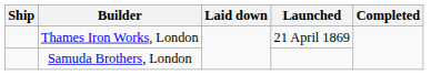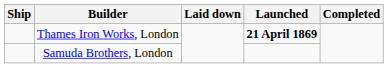 <table class="wikitable" border="1">
 <tr>
 <th>Ship</th>
 <th>Builder</th>
 <th>Laid down</th>
 <th>Launched</th>
 <th>Completed</th>
 </tr>
 <tr>
 <td></td>
 <td align=center><a href='#'>Thames Iron Works</a>, London</td>
 <td rowspan=2></td>
-<td align=center>21 April 1869</td>
+<td align=center><strong>21 April 1869</strong></td>
 <td rowspan=2></td>
 </tr>
 <tr>
 <td></td>
 <td align=center><a href='#'>Samuda Brothers</a>, London</td>
 <td align=center></td>
 </tr>
 </table>
